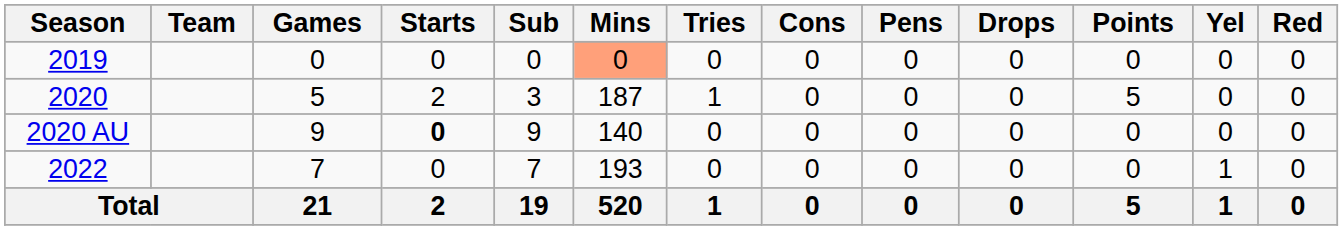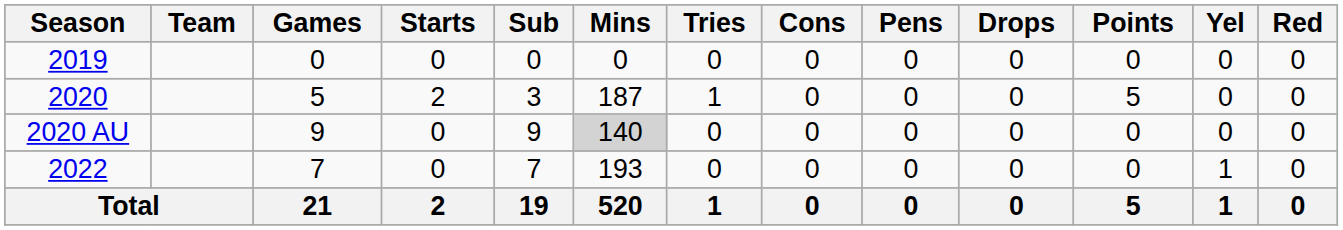 <table class="wikitable" style="text-align:center; line-height:90%; font-size:95%; width:60%;">
 <tr>
 <th>Season</th>
 <th>Team</th>
 <th>Games</th>
 <th>Starts</th>
 <th>Sub</th>
 <th>Mins</th>
 <th>Tries</th>
 <th>Cons</th>
 <th>Pens</th>
 <th>Drops</th>
 <th>Points</th>
 <th>Yel</th>
 <th>Red</th>
 </tr>
 <tr>
 <td><a href='#'>2019</a></td>
 <td></td>
 <td>0</td>
 <td>0</td>
 <td>0</td>
-<td style="background: lightsalmon;">0</td>
+<td>0</td>
 <td>0</td>
 <td>0</td>
 <td>0</td>
 <td>0</td>
 <td>0</td>
 <td>0</td>
 <td>0</td>
 </tr>
 <tr>
 <td><a href='#'>2020</a></td>
 <td></td>
 <td>5</td>
 <td>2</td>
 <td>3</td>
 <td>187</td>
 <td>1</td>
 <td>0</td>
 <td>0</td>
 <td>0</td>
 <td>5</td>
 <td>0</td>
 <td>0</td>
 </tr>
 <tr>
 <td><a href='#'>2020 AU</a></td>
 <td></td>
 <td>9</td>
-<td><strong>0</strong></td>
+<td>0</td>
 <td>9</td>
-<td>140</td>
+<td style="background: lightgrey;">140</td>
 <td>0</td>
 <td>0</td>
 <td>0</td>
 <td>0</td>
 <td>0</td>
 <td>0</td>
 <td>0</td>
 </tr>
 <tr>
 <td><a href='#'>2022</a></td>
 <td></td>
 <td>7</td>
 <td>0</td>
 <td>7</td>
 <td>193</td>
 <td>0</td>
 <td>0</td>
 <td>0</td>
 <td>0</td>
 <td>0</td>
 <td>1</td>
 <td>0</td>
 </tr>
 <tr>
 <th colspan="2">Total</th>
 <th>21</th>
 <th>2</th>
 <th>19</th>
 <th>520</th>
 <th>1</th>
 <th>0</th>
 <th>0</th>
 <th>0</th>
 <th>5</th>
 <th>1</th>
 <th>0</th>
 </tr>
 </table>
